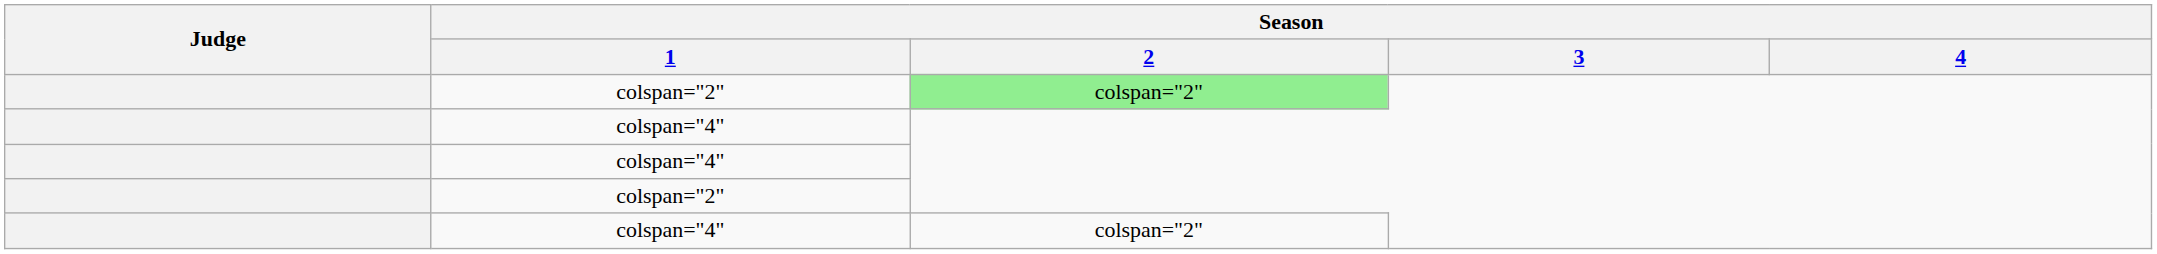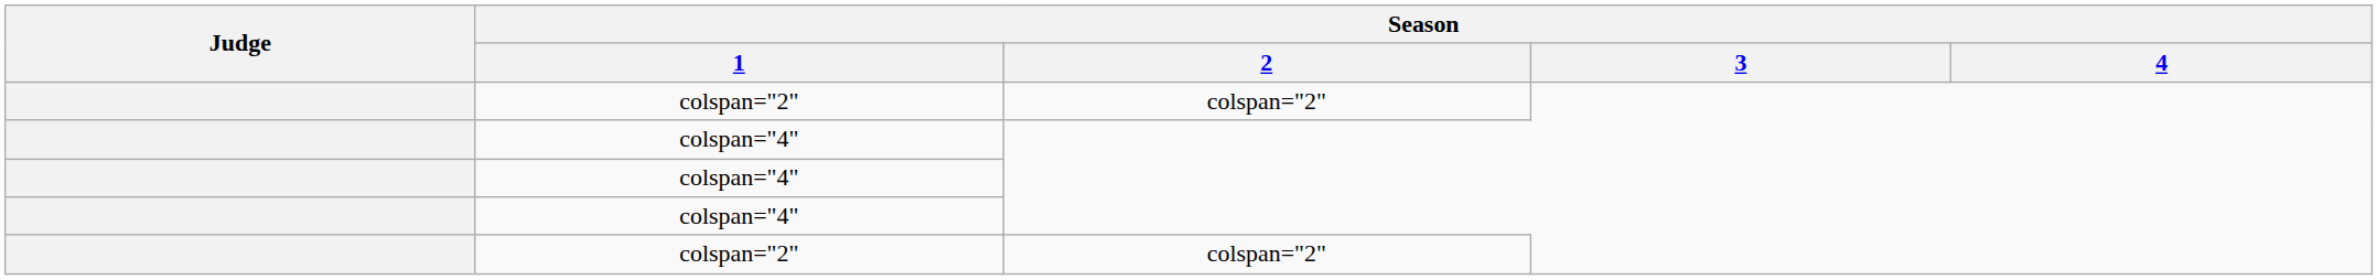 <table class="wikitable plainrowheaders" style="text-align:center">
 <tr>
 <th rowspan="2" style="width:1%;" scope="col">Judge</th>
 <th colspan="4">Season</th>
 </tr>
 <tr>
 <th style="width:1%;" scope="colspan"><a href='#'>1</a></th>
 <th style="width:1%;" scope="colspan"><a href='#'>2</a></th>
 <th style="width:1%;" scope="colspan"><a href='#'>3</a></th>
 <th style="width:1%;" scope="colspan"><a href='#'>4</a></th>
 </tr>
 <tr>
 <th scope="row"></th>
 <td>colspan="2" </td>
-<td style="background: lightgreen;">colspan="2" </td>
+<td>colspan="2" </td>
+</tr>
+<tr>
+<th scope="row"></th>
+<td>colspan="4" </td>
 </tr>
 <tr>
 <th scope="row"></th>
 <td>colspan="4" </td>
 </tr>
 <tr>
 <th scope="row"></th>
 <td>colspan="4" </td>
 </tr>
 <tr>
 <th scope="row"></th>
 <td>colspan="2" </td>
-</tr>
-<tr>
-<th scope="row"></th>
-<td>colspan="4" </td>
 <td>colspan="2" </td>
 </tr>
 </table>
